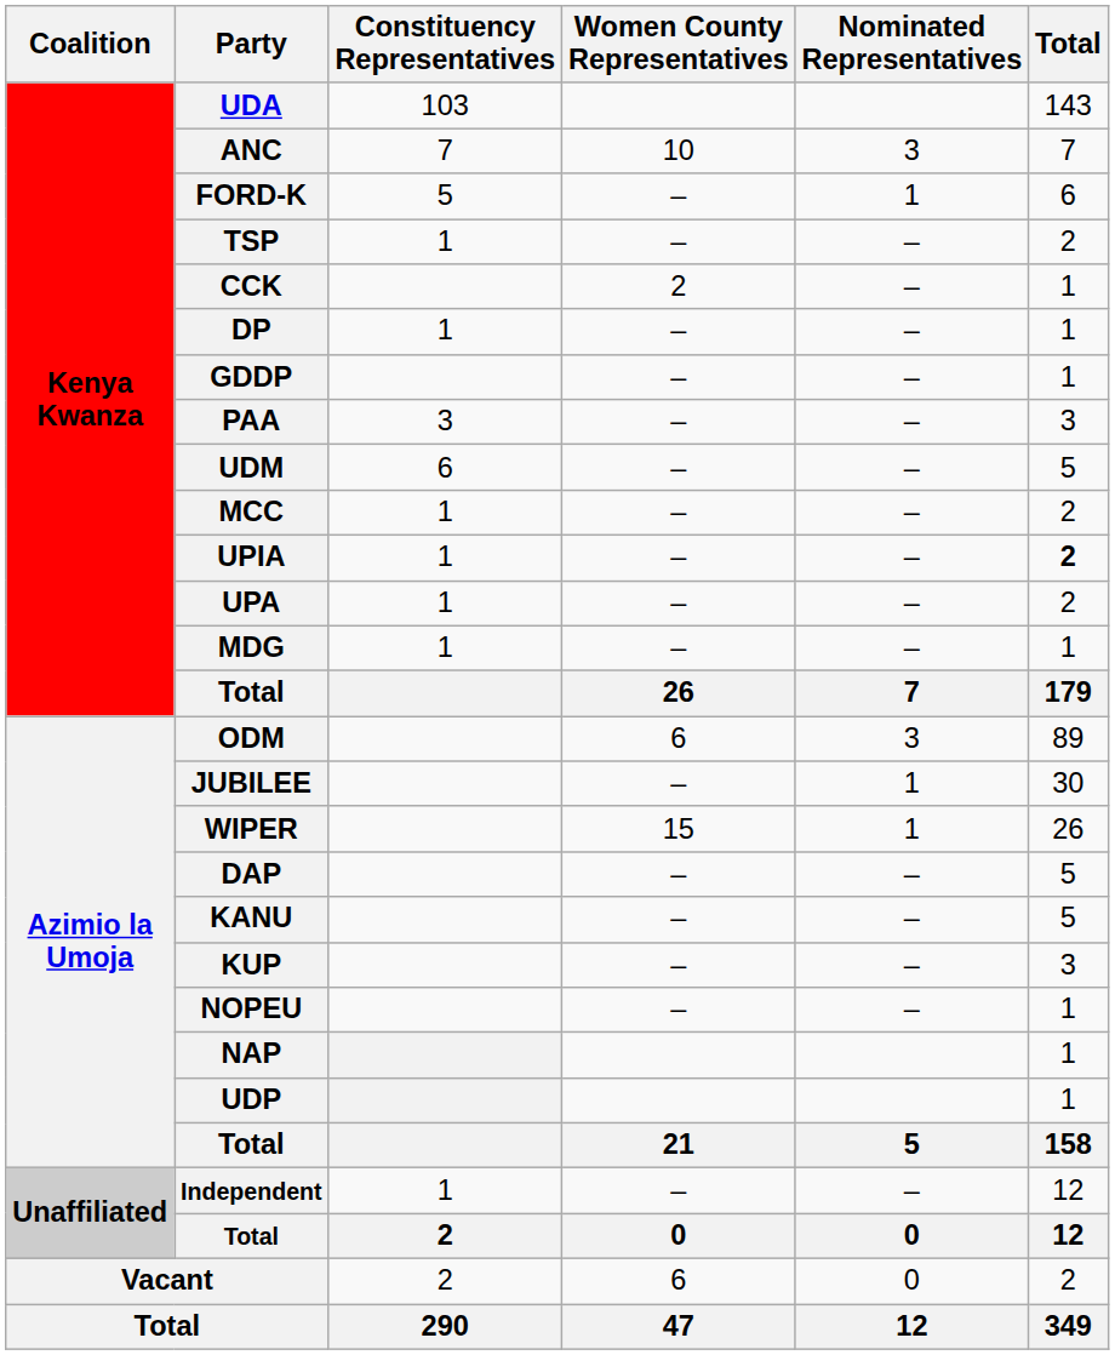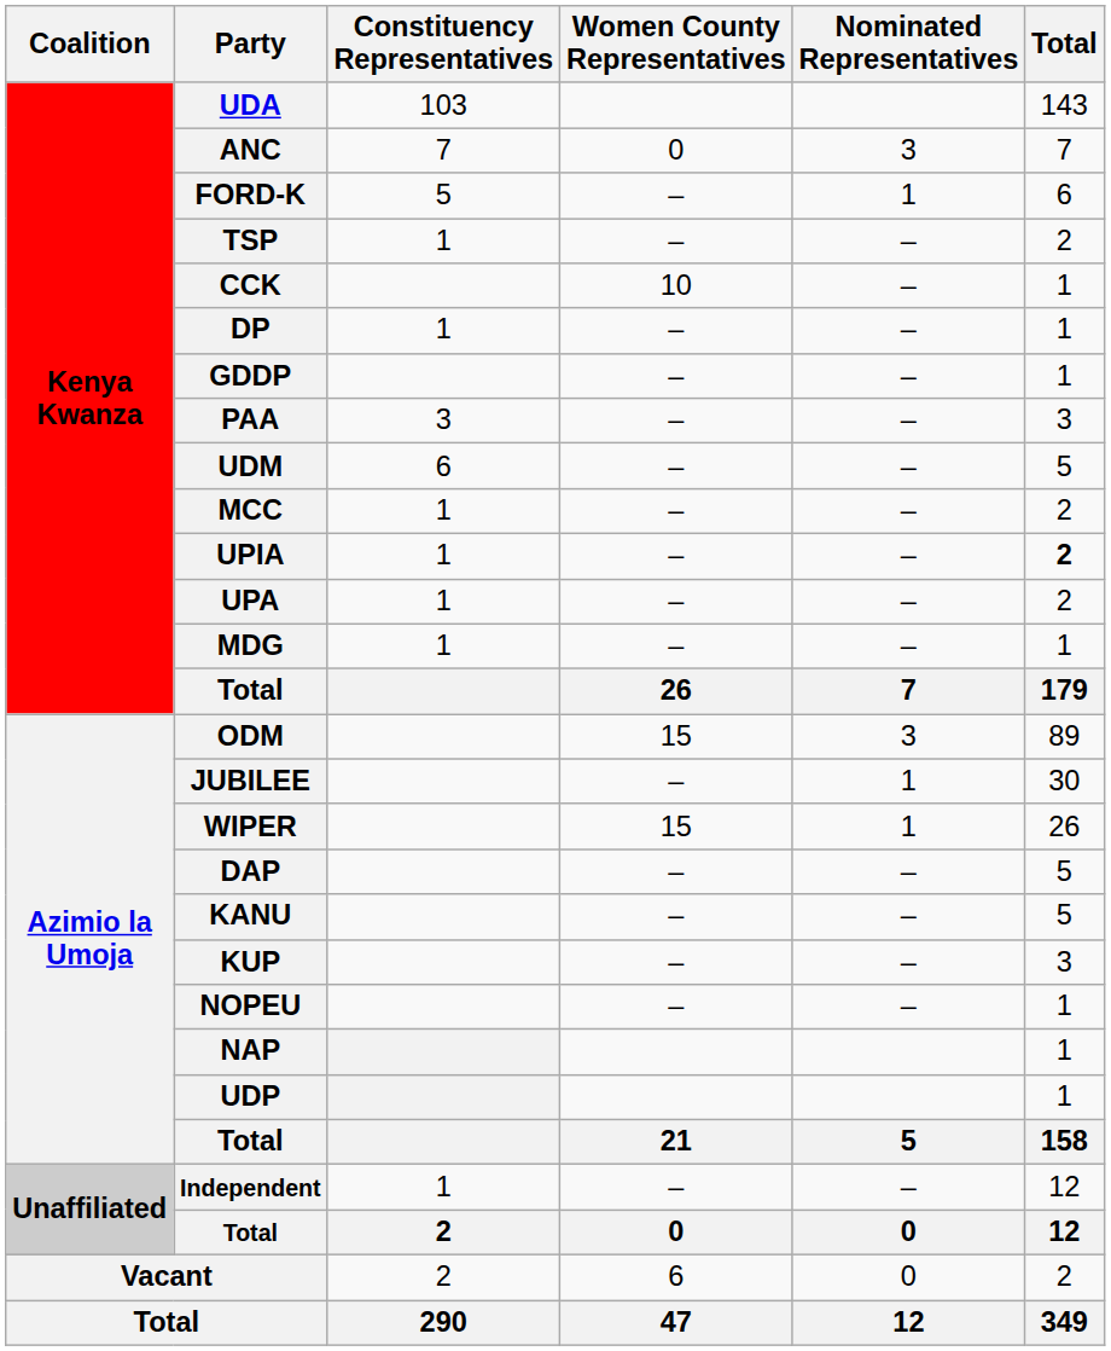 <table class="wikitable" style=text-align:center>
 <tr>
 <th>Coalition</th>
 <th>Party</th>
 <th>Constituency<br>Representatives</th>
 <th>Women County<br>Representatives</th>
 <th>Nominated<br>Representatives</th>
 <th>Total</th>
 </tr>
 <tr>
 <th rowspan=14 style="background:#ff0000">Kenya Kwanza</th>
 <th><a href='#'>UDA</a></th>
 <td>103</td>
 <td></td>
 <td></td>
 <td>143</td>
 </tr>
 <tr>
 <th>ANC</th>
 <td>7</td>
-<td>10</td>
+<td>0</td>
 <td>3</td>
 <td>7</td>
 </tr>
 <tr>
 <th>FORD-K</th>
 <td>5</td>
 <td>–</td>
 <td>1</td>
 <td>6</td>
 </tr>
 <tr>
 <th>TSP</th>
 <td>1</td>
 <td>–</td>
 <td>–</td>
 <td>2</td>
 </tr>
 <tr>
 <th>CCK</th>
 <td></td>
-<td>2</td>
+<td>10</td>
 <td>–</td>
 <td>1</td>
 </tr>
 <tr>
 <th>DP</th>
 <td>1</td>
 <td>–</td>
 <td>–</td>
 <td>1</td>
 </tr>
 <tr>
 <th>GDDP</th>
 <td></td>
 <td>–</td>
 <td>–</td>
 <td>1</td>
 </tr>
 <tr>
 <th>PAA</th>
 <td>3</td>
 <td>–</td>
 <td>–</td>
 <td>3</td>
 </tr>
 <tr>
 <th>UDM</th>
 <td>6</td>
 <td>–</td>
 <td>–</td>
 <td>5</td>
 </tr>
 <tr>
 <th>MCC</th>
 <td>1</td>
 <td>–</td>
 <td>–</td>
 <td>2</td>
 </tr>
 <tr>
 <th>UPIA</th>
 <td>1</td>
 <td>–</td>
 <td>–</td>
 <td><strong>2</strong></td>
 </tr>
 <tr>
 <th>UPA</th>
 <td>1</td>
 <td>–</td>
 <td>–</td>
 <td>2</td>
 </tr>
 <tr>
 <th>MDG</th>
 <td>1</td>
 <td>–</td>
 <td>–</td>
 <td>1</td>
 </tr>
 <tr>
 <th>Total</th>
 <th></th>
 <th>26</th>
 <th>7</th>
 <th>179</th>
 </tr>
 <tr>
 <th rowspan="10" style="background:"><a href='#'>Azimio la Umoja</a></th>
 <th>ODM</th>
 <td></td>
-<td>6</td>
+<td>15</td>
 <td>3</td>
 <td>89</td>
 </tr>
 <tr>
 <th>JUBILEE</th>
 <td></td>
 <td>–</td>
 <td>1</td>
 <td>30</td>
 </tr>
 <tr>
 <th>WIPER</th>
 <td></td>
 <td>15</td>
 <td>1</td>
 <td>26</td>
 </tr>
 <tr>
 <th>DAP</th>
 <td></td>
 <td>–</td>
 <td>–</td>
 <td>5</td>
 </tr>
 <tr>
 <th>KANU</th>
 <td></td>
 <td>–</td>
 <td>–</td>
 <td>5</td>
 </tr>
 <tr>
 <th>KUP</th>
 <td></td>
 <td>–</td>
 <td>–</td>
 <td>3</td>
 </tr>
 <tr>
 <th>NOPEU</th>
 <td></td>
 <td>–</td>
 <td>–</td>
 <td>1</td>
 </tr>
 <tr>
 <th>NAP</th>
 <th></th>
 <td></td>
 <td></td>
 <td>1</td>
 </tr>
 <tr>
 <th>UDP</th>
 <th></th>
 <td></td>
 <td></td>
 <td>1</td>
 </tr>
 <tr>
 <th>Total</th>
 <th></th>
 <th>21</th>
 <th>5</th>
 <th>158</th>
 </tr>
 <tr>
 <th rowspan="2" style="background:#cccccc">Unaffiliated</th>
 <th><small>Independent</small></th>
 <td>1</td>
 <td>–</td>
 <td>–</td>
 <td>12</td>
 </tr>
 <tr>
 <th><small>Total</small></th>
 <th>2</th>
 <th>0</th>
 <th>0</th>
 <th>12</th>
 </tr>
 <tr>
 <th colspan="2" style="text-align: center;">Vacant</th>
 <td>2</td>
 <td>6</td>
 <td>0</td>
 <td>2</td>
 </tr>
 <tr>
 <th colspan="2" style="text-align: center;">Total</th>
 <th>290</th>
 <th>47</th>
 <th>12</th>
 <th>349</th>
 </tr>
 </table>
